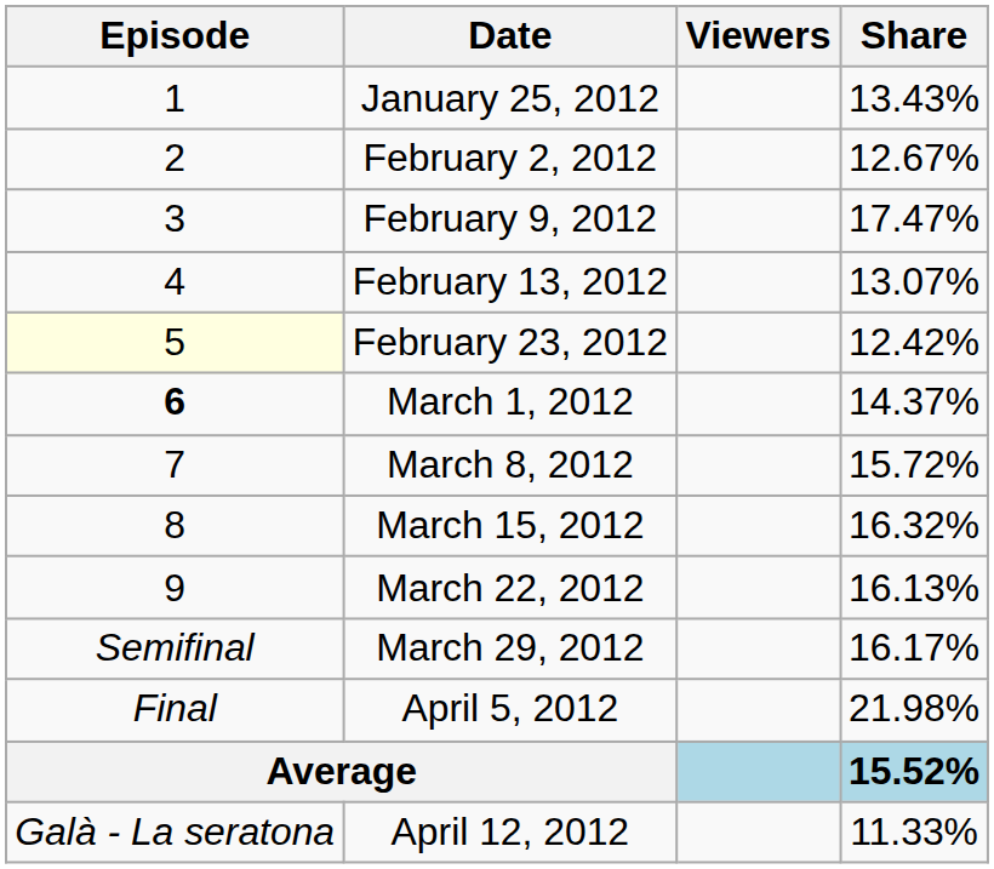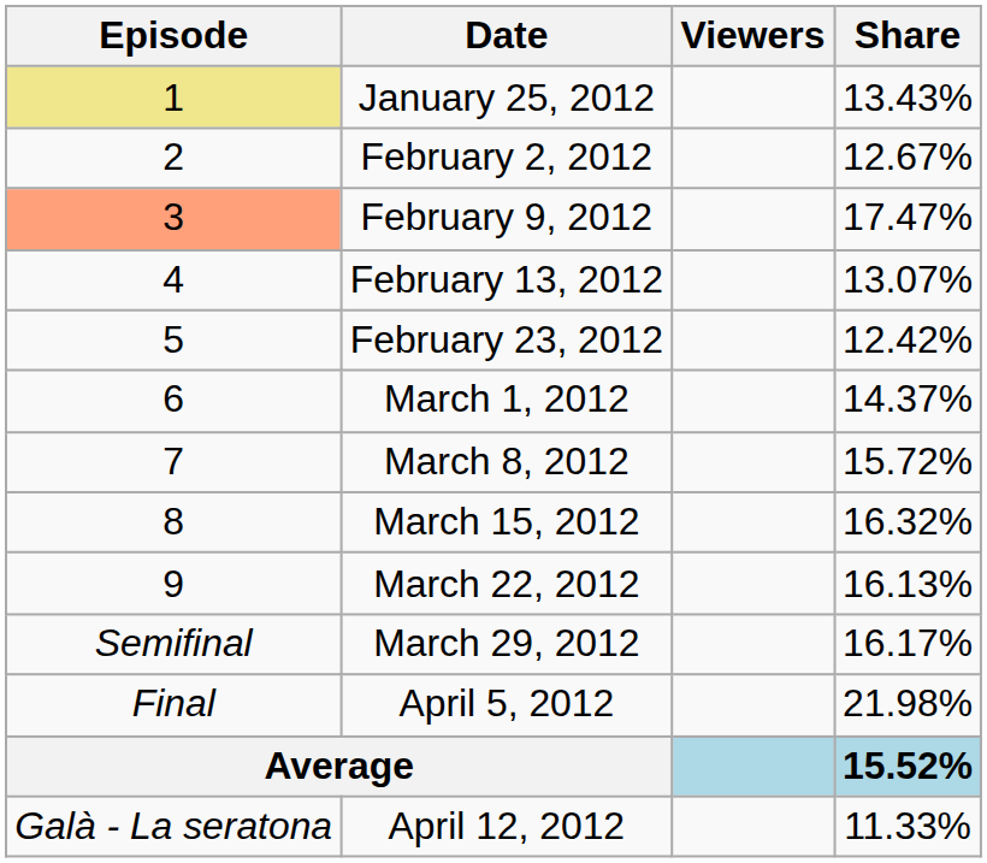 <table class="wikitable" style="text-align:center;">
 <tr>
 <th>Episode</th>
 <th>Date</th>
 <th>Viewers</th>
 <th>Share</th>
 </tr>
 <tr>
-<td>1</td>
+<td style="background: khaki;">1</td>
 <td>January 25, 2012</td>
 <td></td>
 <td>13.43%</td>
 </tr>
 <tr>
 <td>2</td>
 <td>February 2, 2012</td>
 <td></td>
 <td>12.67%</td>
 </tr>
 <tr>
-<td>3</td>
+<td style="background: lightsalmon;">3</td>
 <td>February 9, 2012</td>
 <td></td>
 <td>17.47%</td>
 </tr>
 <tr>
 <td>4</td>
 <td>February 13, 2012</td>
 <td></td>
 <td>13.07%</td>
 </tr>
 <tr>
-<td style="background: lightyellow;">5</td>
+<td>5</td>
 <td>February 23, 2012</td>
 <td></td>
 <td>12.42%</td>
 </tr>
 <tr>
-<td><strong>6</strong></td>
+<td>6</td>
 <td>March 1, 2012</td>
 <td></td>
 <td>14.37%</td>
 </tr>
 <tr>
 <td>7</td>
 <td>March 8, 2012</td>
 <td></td>
 <td>15.72%</td>
 </tr>
 <tr>
 <td>8</td>
 <td>March 15, 2012</td>
 <td></td>
 <td>16.32%</td>
 </tr>
 <tr>
 <td>9</td>
 <td>March 22, 2012</td>
 <td></td>
 <td>16.13%</td>
 </tr>
 <tr>
 <td><em>Semifinal</em></td>
 <td>March 29, 2012</td>
 <td></td>
 <td>16.17%</td>
 </tr>
 <tr>
 <td><em>Final</em></td>
 <td>April 5, 2012</td>
 <td></td>
 <td>21.98%</td>
 </tr>
 <tr>
 <th colspan="2">Average</th>
 <th style="background:lightblue"><strong></strong></th>
 <th style="background:lightblue"><strong>15.52%</strong></th>
 </tr>
 <tr>
 <td><em>Galà - La seratona</em></td>
 <td>April 12, 2012</td>
 <td></td>
 <td>11.33%</td>
 </tr>
 </table>
